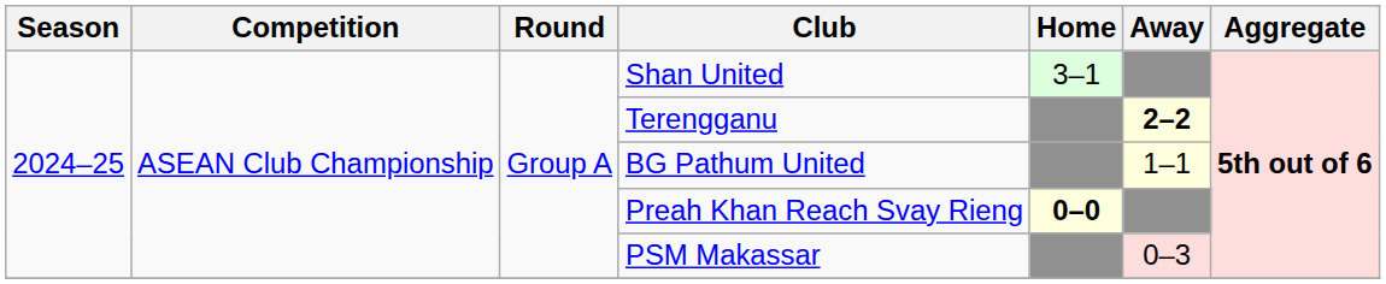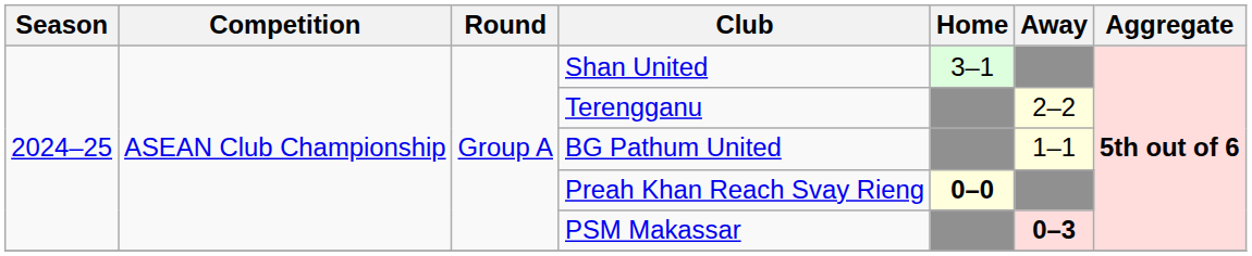 <table class="wikitable">
 <tr>
 <th>Season</th>
 <th>Competition</th>
 <th>Round</th>
 <th>Club</th>
 <th>Home</th>
 <th>Away</th>
 <th>Aggregate</th>
 </tr>
 <tr>
 <td rowspan="5"><a href='#'>2024–25</a></td>
 <td rowspan="5"><a href='#'>ASEAN Club Championship</a></td>
 <td rowspan="5"><a href='#'>Group A</a></td>
 <td> <a href='#'>Shan United</a></td>
 <td style="background:#dfd;" align="center">3–1</td>
 <td style="background:#909090;"></td>
 <td rowspan="5" style="background:#fdd;" align="center"><strong>5th out of 6</strong></td>
 </tr>
 <tr>
 <td> <a href='#'>Terengganu</a></td>
 <td style="background:#909090;"></td>
-<td style="background:#ffd;" align="center"><strong>2–2</strong></td>
+<td style="background:#ffd;" align="center">2–2</td>
 </tr>
 <tr>
 <td> <a href='#'>BG Pathum United</a></td>
 <td style="background:#909090;"></td>
 <td style="background:#ffd;" align="center">1–1</td>
 </tr>
 <tr>
 <td> <a href='#'>Preah Khan Reach Svay Rieng</a></td>
 <td style="background:#ffd;" align="center"><strong>0–0</strong></td>
 <td style="background:#909090;"></td>
 </tr>
 <tr>
 <td> <a href='#'>PSM Makassar</a></td>
 <td style="background:#909090;"></td>
-<td style="background:#fdd;" align="center">0–3</td>
+<td style="background:#fdd;" align="center"><strong>0–3</strong></td>
 </tr>
 <tr>
 </tr>
 </table>
